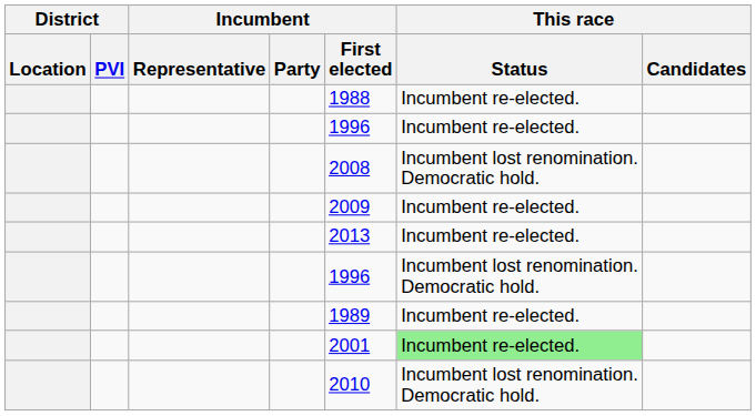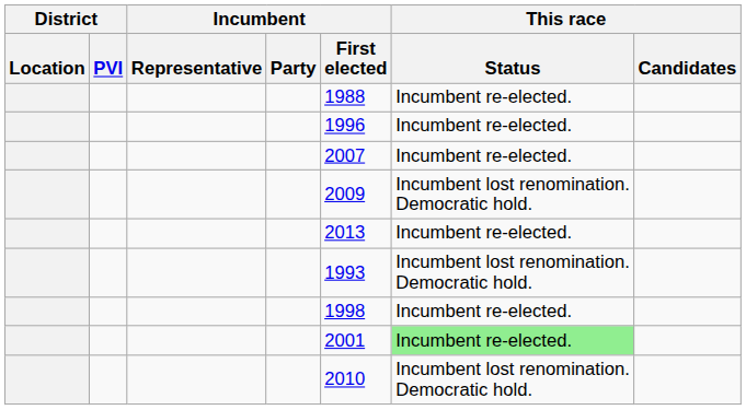 <table class="wikitable sortable">
 <tr valign=bottom>
 <th colspan=2>District</th>
 <th colspan=3>Incumbent</th>
 <th colspan=2>This race</th>
 </tr>
 <tr valign=bottom>
 <th>Location</th>
 <th><a href='#'>PVI</a></th>
 <th>Representative</th>
 <th>Party</th>
 <th>First<br>elected</th>
 <th>Status</th>
 <th>Candidates</th>
 </tr>
 <tr>
 <th></th>
 <td></td>
 <td></td>
 <td></td>
 <td><a href='#'>1988</a></td>
 <td>Incumbent re-elected.</td>
 <td nowrap></td>
 </tr>
 <tr>
 <th></th>
 <td></td>
 <td></td>
 <td></td>
 <td><a href='#'>1996</a></td>
 <td>Incumbent re-elected.</td>
 <td nowrap></td>
 </tr>
 <tr>
 <th></th>
 <td></td>
 <td></td>
 <td></td>
-<td><a href='#'>2008 </a></td>
-<td>Incumbent lost renomination.<br>Democratic hold.</td>
+<td><a href='#'>2007 </a></td>
+<td>Incumbent re-elected.</td>
 <td nowrap></td>
 </tr>
 <tr>
 <th></th>
 <td></td>
 <td></td>
 <td></td>
 <td><a href='#'>2009</a></td>
-<td>Incumbent re-elected.</td>
+<td>Incumbent lost renomination.<br>Democratic hold.</td>
 <td nowrap></td>
 </tr>
 <tr>
 <th></th>
 <td></td>
 <td></td>
 <td></td>
 <td><a href='#'>2013 </a></td>
 <td>Incumbent re-elected.</td>
 <td nowrap></td>
 </tr>
 <tr>
 <th></th>
 <td></td>
 <td></td>
 <td></td>
-<td><a href='#'>1996</a></td>
+<td><a href='#'>1993</a></td>
 <td>Incumbent lost renomination.<br>Democratic hold.</td>
 <td nowrap></td>
 </tr>
 <tr>
 <th></th>
 <td></td>
 <td></td>
 <td></td>
-<td><a href='#'>1989</a></td>
+<td><a href='#'>1998</a></td>
 <td>Incumbent re-elected.</td>
 <td nowrap></td>
 </tr>
 <tr>
 <th></th>
 <td></td>
 <td></td>
 <td></td>
 <td><a href='#'>2001 </a></td>
 <td style="background: lightgreen;">Incumbent re-elected.</td>
 <td nowrap></td>
 </tr>
 <tr>
 <th></th>
 <td></td>
 <td></td>
 <td></td>
 <td><a href='#'>2010</a></td>
 <td>Incumbent lost renomination.<br>Democratic hold.</td>
 <td nowrap></td>
 </tr>
 </table>
